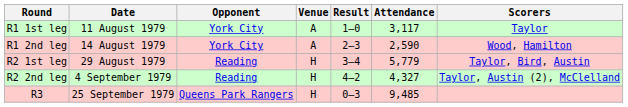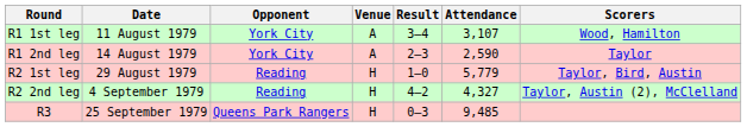 <table class="wikitable" style="font-size:100%; text-align:center">
 <tr>
 <th>Round</th>
 <th>Date</th>
 <th>Opponent</th>
 <th>Venue</th>
 <th>Result</th>
 <th>Attendance</th>
 <th>Scorers</th>
 </tr>
 <tr style="background-color: #CCFFCC;">
 <td>R1 1st leg</td>
 <td>11 August 1979</td>
 <td><a href='#'>York City</a></td>
 <td>A</td>
-<td>1–0</td>
-<td>3,117</td>
-<td><a href='#'>Taylor</a></td>
+<td>3–4</td>
+<td>3,107</td>
+<td><a href='#'>Wood</a>, <a href='#'>Hamilton</a></td>
 </tr>
 <tr style="background-color: #FFCCCC;">
 <td>R1 2nd leg</td>
 <td>14 August 1979</td>
 <td><a href='#'>York City</a></td>
 <td>A</td>
 <td>2–3</td>
 <td>2,590</td>
-<td><a href='#'>Wood</a>, <a href='#'>Hamilton</a></td>
+<td><a href='#'>Taylor</a></td>
 </tr>
 <tr style="background-color: #FFCCCC;">
 <td>R2 1st leg</td>
 <td>29 August 1979</td>
 <td><a href='#'>Reading</a></td>
 <td>H</td>
-<td>3–4</td>
+<td>1–0</td>
 <td>5,779</td>
 <td><a href='#'>Taylor</a>, <a href='#'>Bird</a>, <a href='#'>Austin</a></td>
 </tr>
 <tr style="background-color: #CCFFCC;">
 <td>R2 2nd leg</td>
 <td>4 September 1979</td>
 <td><a href='#'>Reading</a></td>
 <td>H</td>
 <td>4–2</td>
 <td>4,327</td>
 <td><a href='#'>Taylor</a>, <a href='#'>Austin</a> (2), <a href='#'>McClelland</a></td>
 </tr>
 <tr style="background-color: #FFCCCC;">
 <td>R3</td>
 <td>25 September 1979</td>
 <td><a href='#'>Queens Park Rangers</a></td>
 <td>H</td>
 <td>0–3</td>
 <td>9,485</td>
 <td></td>
 </tr>
 </table>
